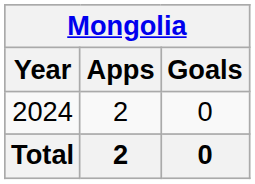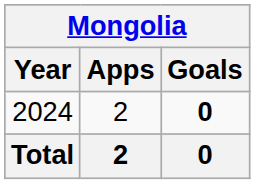 <table class="wikitable" style="text-align:center">
 <tr>
 <th colspan=3><a href='#'>Mongolia</a></th>
 </tr>
 <tr>
 <th>Year</th>
 <th>Apps</th>
 <th>Goals</th>
 </tr>
 <tr>
 <td>2024</td>
 <td>2</td>
-<td>0</td>
+<td><strong>0</strong></td>
 </tr>
 <tr>
 <th>Total</th>
 <th>2</th>
 <th>0</th>
 </tr>
 </table>
